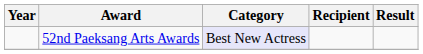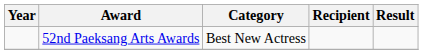 <table class="wikitable">
 <tr>
 <th>Year</th>
 <th>Award</th>
 <th>Category</th>
 <th>Recipient</th>
 <th>Result</th>
 </tr>
 <tr>
 <td></td>
 <td><a href='#'>52nd Paeksang Arts Awards</a></td>
-<td style="background: lavender;">Best New Actress</td>
+<td>Best New Actress</td>
 <td></td>
 <td></td>
 </tr>
 <tr>
 </tr>
 </table>
